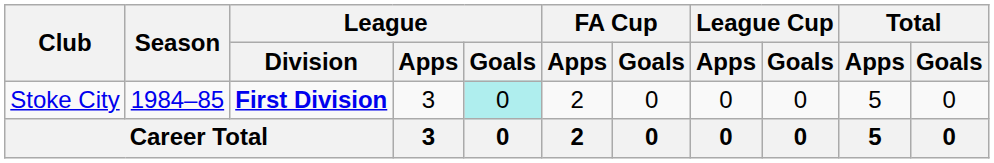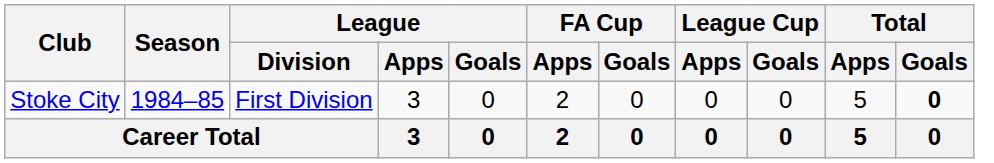 <table class="wikitable" style="text-align: center;">
 <tr>
 <th rowspan="2">Club</th>
 <th rowspan="2">Season</th>
 <th colspan="3">League</th>
 <th colspan="2">FA Cup</th>
 <th colspan="2">League Cup</th>
 <th colspan="2">Total</th>
 </tr>
 <tr>
 <th>Division</th>
 <th>Apps</th>
 <th>Goals</th>
 <th>Apps</th>
 <th>Goals</th>
 <th>Apps</th>
 <th>Goals</th>
 <th>Apps</th>
 <th>Goals</th>
 </tr>
 <tr>
 <td><a href='#'>Stoke City</a></td>
 <td><a href='#'>1984–85</a></td>
-<td><strong><a href='#'>First Division</a></strong></td>
+<td><a href='#'>First Division</a></td>
 <td>3</td>
-<td style="background: paleturquoise;">0</td>
+<td>0</td>
 <td>2</td>
 <td>0</td>
 <td>0</td>
 <td>0</td>
 <td>5</td>
-<td>0</td>
+<td><strong>0</strong></td>
 </tr>
 <tr>
 <th colspan="3">Career Total</th>
 <th>3</th>
 <th>0</th>
 <th>2</th>
 <th>0</th>
 <th>0</th>
 <th>0</th>
 <th>5</th>
 <th>0</th>
 </tr>
 </table>
